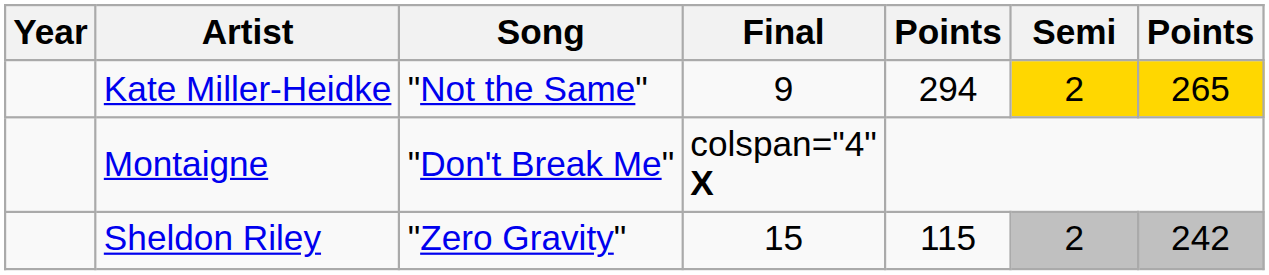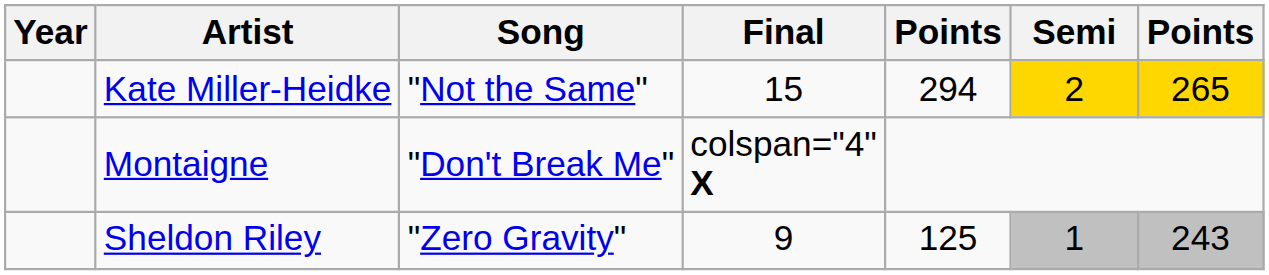 <table class="wikitable sortable">
 <tr>
 <th>Year</th>
 <th>Artist</th>
 <th>Song</th>
 <th style="width:50px;">Final</th>
 <th style="width:50px;">Points</th>
 <th style="width:50px;">Semi</th>
 <th style="width:50px;">Points</th>
 </tr>
 <tr>
 <td></td>
 <td><a href='#'>Kate Miller-Heidke</a></td>
 <td>"<a href='#'>Not the Same</a>"</td>
-<td style="text-align:center;">9</td>
+<td style="text-align:center;">15</td>
 <td style="text-align:center;">294</td>
 <td style="background:gold; text-align:center">2</td>
 <td style="background:gold; text-align:center">265</td>
 </tr>
 <tr>
 <td></td>
 <td><a href='#'>Montaigne</a></td>
 <td>"<a href='#'>Don't Break Me</a>"</td>
 <td>colspan="4"  <strong>X</strong></td>
 </tr>
 <tr>
 <td></td>
 <td><a href='#'>Sheldon Riley</a></td>
 <td>"<a href='#'>Zero Gravity</a>"</td>
-<td style="text-align:center;">15</td>
-<td style="text-align:center;">115</td>
-<td style="background:silver; text-align:center">2</td>
-<td style="background:silver; text-align:center">242</td>
+<td style="text-align:center;">9</td>
+<td style="text-align:center;">125</td>
+<td style="background:silver; text-align:center">1</td>
+<td style="background:silver; text-align:center">243</td>
 </tr>
 </table>
